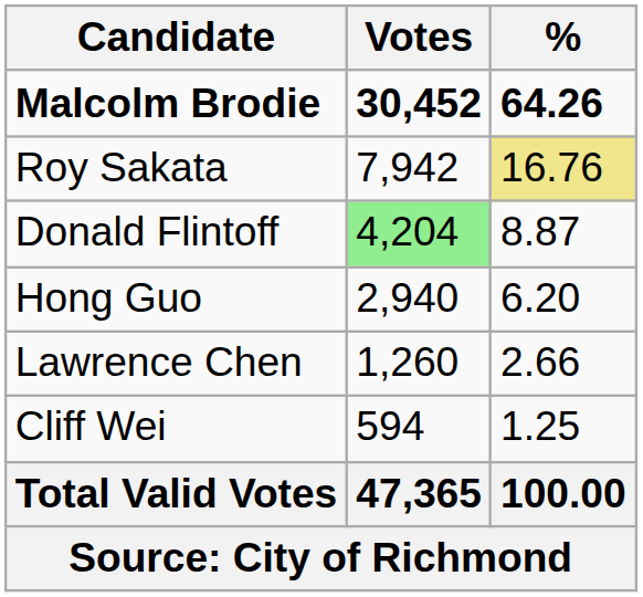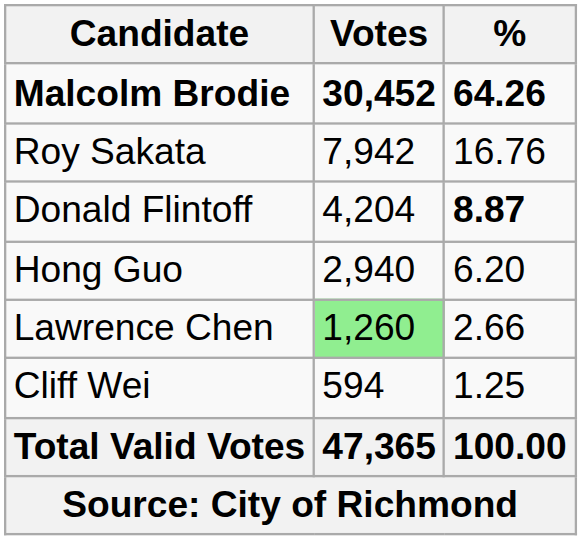 <table class="wikitable">
 <tr>
 <th>Candidate</th>
 <th>Votes</th>
 <th>%</th>
 </tr>
 <tr>
 <td><strong>Malcolm Brodie</strong></td>
 <td><strong>30,452</strong></td>
 <td><strong>64.26</strong></td>
 </tr>
 <tr>
 <td>Roy Sakata</td>
 <td>7,942</td>
-<td style="background: khaki;">16.76</td>
+<td>16.76</td>
 </tr>
 <tr>
 <td>Donald Flintoff</td>
-<td style="background: lightgreen;">4,204</td>
-<td>8.87</td>
+<td>4,204</td>
+<td><strong>8.87</strong></td>
 </tr>
 <tr>
 <td>Hong Guo</td>
 <td>2,940</td>
 <td>6.20</td>
 </tr>
 <tr>
 <td>Lawrence Chen</td>
-<td>1,260</td>
+<td style="background: lightgreen;">1,260</td>
 <td>2.66</td>
 </tr>
 <tr>
 <td>Cliff Wei</td>
 <td>594</td>
 <td>1.25</td>
 </tr>
 <tr>
 <th>Total Valid Votes</th>
 <th>47,365</th>
 <th>100.00</th>
 </tr>
 <tr>
 <th colspan="3">Source: City of Richmond</th>
 </tr>
 </table>
